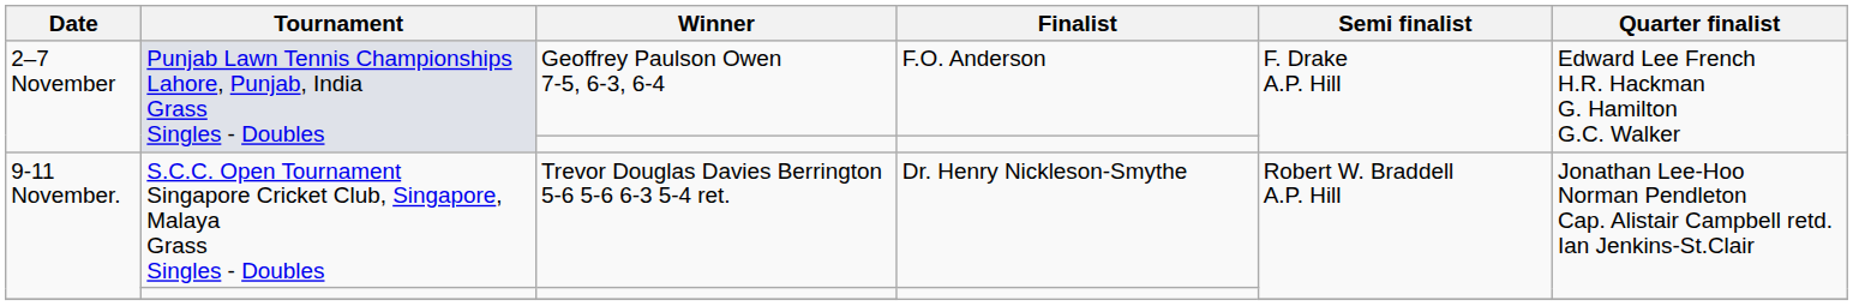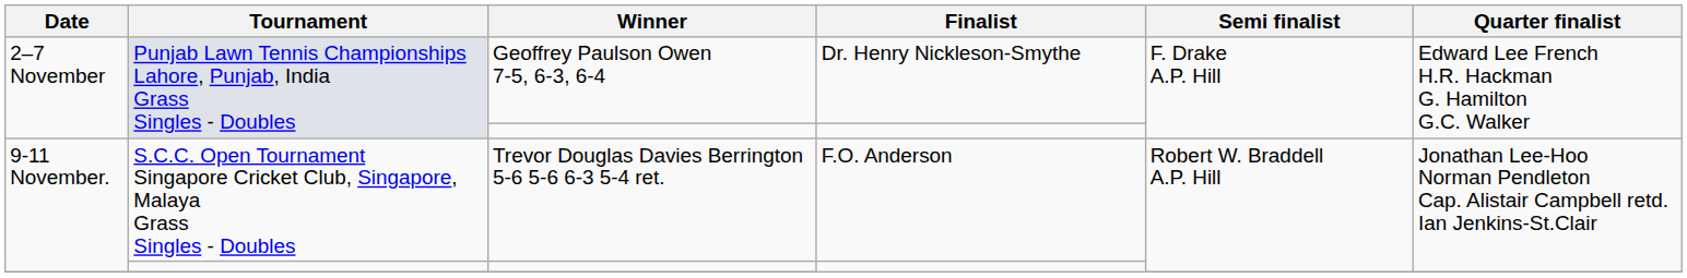 <table class="wikitable" style="font-size:85%;">
 <tr>
 <th width="75">Date</th>
 <th width="230">Tournament</th>
 <th width="210">Winner</th>
 <th width="210">Finalist</th>
 <th width="170">Semi finalist</th>
 <th width="170">Quarter finalist</th>
 </tr>
 <tr valign=top>
 <td rowspan=2>2–7 November</td>
 <td style="background:#dfe2e9"  rowspan=2><a href='#'>Punjab Lawn Tennis Championships</a><br><a href='#'>Lahore</a>, <a href='#'>Punjab</a>, India<br><a href='#'>Grass</a><br><a href='#'>Singles</a> - <a href='#'>Doubles</a></td>
 <td> Geoffrey Paulson Owen<br>7-5, 6-3, 6-4</td>
-<td>  F.O. Anderson</td>
+<td>  Dr. Henry Nickleson-Smythe</td>
 <td rowspan=2>  F. Drake <br>  A.P. Hill</td>
 <td rowspan=2> Edward Lee French <br>  H.R. Hackman <br> G. Hamilton <br>  G.C. Walker</td>
 </tr>
 <tr valign=top>
 <td></td>
 <td></td>
 </tr>
 <tr valign=top>
 <td rowspan=2>9-11 November.</td>
 <td><a href='#'>S.C.C. Open Tournament</a><br>Singapore Cricket Club, <a href='#'>Singapore</a>, Malaya<br>Grass<br><a href='#'>Singles</a> - <a href='#'>Doubles</a></td>
 <td>  Trevor Douglas Davies Berrington<br> 5-6 5-6 6-3 5-4 ret.</td>
-<td>  Dr. Henry Nickleson-Smythe</td>
+<td>  F.O. Anderson</td>
 <td rowspan=2> Robert W. Braddell<br>  A.P. Hill</td>
 <td rowspan=2> Jonathan Lee-Hoo <br> Norman Pendleton<br> Cap. Alistair Campbell retd. <br> Ian Jenkins-St.Clair</td>
 </tr>
 <tr valign=top>
 <td></td>
 <td></td>
 </tr>
 <tr valign=top>
 </tr>
 </table>
